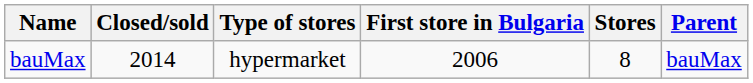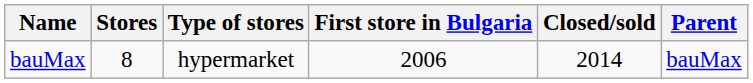 <table class="wikitable sortable">
 <tr>
 <th>Name</th>
-<th>Closed/sold</th>
+<th>Stores</th>
 <th>Type of stores</th>
 <th>First store in <a href='#'>Bulgaria</a></th>
-<th>Stores</th>
+<th>Closed/sold</th>
 <th><a href='#'>Parent</a></th>
 </tr>
 <tr>
 <td><a href='#'>bauMax</a></td>
-<td align="center">2014</td>
+<td align="center">8</td>
 <td align="center">hypermarket</td>
 <td align="center">2006</td>
-<td align="center">8</td>
+<td align="center">2014</td>
 <td><a href='#'>bauMax</a></td>
 </tr>
 </table>
